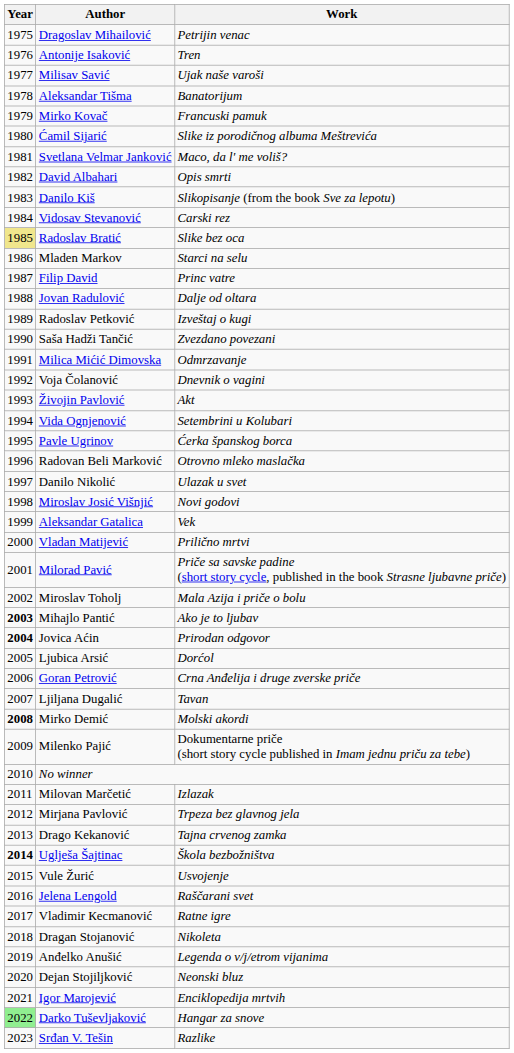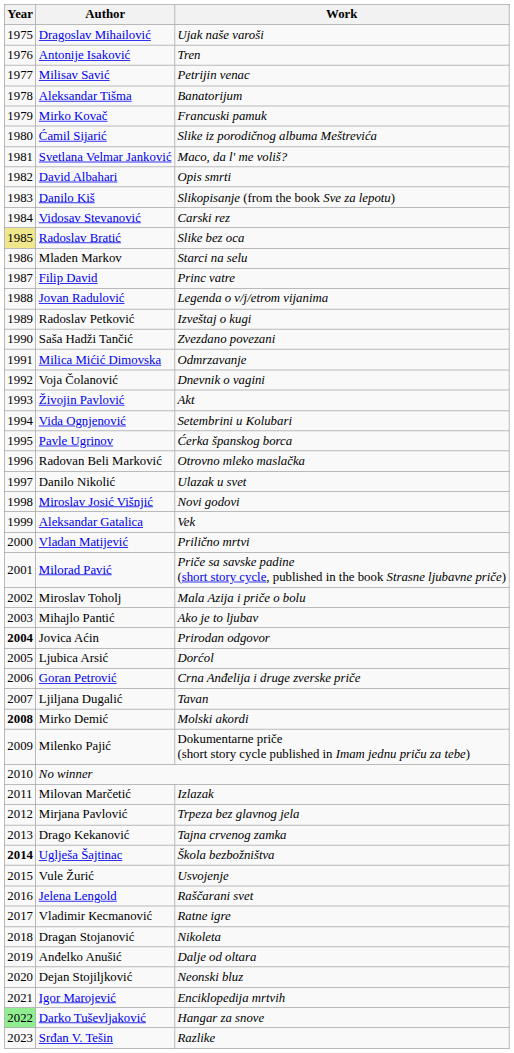 <table class="wikitable sortable">
 <tr>
 <th>Year</th>
 <th>Author</th>
 <th>Work</th>
 </tr>
 <tr>
 <td>1975</td>
 <td><a href='#'>Dragoslav Mihailović</a></td>
-<td><em>Petrijin venac</em></td>
+<td><em>Ujak naše varoši</em></td>
 </tr>
 <tr>
 <td>1976</td>
 <td><a href='#'>Antonije Isaković</a></td>
 <td><em>Tren</em></td>
 </tr>
 <tr>
 <td>1977</td>
 <td><a href='#'>Milisav Savić</a></td>
-<td><em>Ujak naše varoši</em></td>
+<td><em>Petrijin venac</em></td>
 </tr>
 <tr>
 <td>1978</td>
 <td><a href='#'>Aleksandar Tišma</a></td>
 <td><em>Banatorijum</em></td>
 </tr>
 <tr>
 <td>1979</td>
 <td><a href='#'>Mirko Kovač</a></td>
 <td><em>Francuski pamuk</em></td>
 </tr>
 <tr>
 <td>1980</td>
 <td><a href='#'>Ćamil Sijarić</a></td>
 <td><em>Slike iz porodičnog albuma Meštrevića</em></td>
 </tr>
 <tr>
 <td>1981</td>
 <td><a href='#'>Svetlana Velmar Janković</a></td>
 <td><em>Maco, da l' me voliš?</em></td>
 </tr>
 <tr>
 <td>1982</td>
 <td><a href='#'>David Albahari</a></td>
 <td><em>Opis smrti</em></td>
 </tr>
 <tr>
 <td>1983</td>
 <td><a href='#'>Danilo Kiš</a></td>
 <td><em>Slikopisanje</em> (from the book <em>Sve za lepotu</em>)</td>
 </tr>
 <tr>
 <td>1984</td>
 <td><a href='#'>Vidosav Stevanović</a></td>
 <td><em>Carski rez</em></td>
 </tr>
 <tr>
 <td style="background: khaki;">1985</td>
 <td><a href='#'>Radoslav Bratić</a></td>
 <td><em>Slike bez oca</em></td>
 </tr>
 <tr>
 <td>1986</td>
 <td>Mladen Markov</td>
 <td><em>Starci na selu</em></td>
 </tr>
 <tr>
 <td>1987</td>
 <td><a href='#'>Filip David</a></td>
 <td><em>Princ vatre</em></td>
 </tr>
 <tr>
 <td>1988</td>
 <td><a href='#'>Jovan Radulović</a></td>
-<td><em>Dalje od oltara</em></td>
+<td><em>Legenda o v/j/etrom vijanima</em></td>
 </tr>
 <tr>
 <td>1989</td>
 <td>Radoslav Petković</td>
 <td><em>Izveštaj o kugi</em></td>
 </tr>
 <tr>
 <td>1990</td>
 <td>Saša Hadži Tančić</td>
 <td><em>Zvezdano povezani</em></td>
 </tr>
 <tr>
 <td>1991</td>
 <td><a href='#'>Milica Mićić Dimovska</a></td>
 <td><em>Odmrzavanje</em></td>
 </tr>
 <tr>
 <td>1992</td>
 <td>Voja Čolanović</td>
 <td><em>Dnevnik o vagini</em></td>
 </tr>
 <tr>
 <td>1993</td>
 <td><a href='#'>Živojin Pavlović</a></td>
 <td><em>Akt</em></td>
 </tr>
 <tr>
 <td>1994</td>
 <td><a href='#'>Vida Ognjenović</a></td>
 <td><em>Setembrini u Kolubari</em></td>
 </tr>
 <tr>
 <td>1995</td>
 <td><a href='#'>Pavle Ugrinov</a></td>
 <td><em>Ćerka španskog borca</em></td>
 </tr>
 <tr>
 <td>1996</td>
 <td>Radovan Beli Marković</td>
 <td><em>Otrovno mleko maslačka</em></td>
 </tr>
 <tr>
 <td>1997</td>
 <td>Danilo Nikolić</td>
 <td><em>Ulazak u svet</em></td>
 </tr>
 <tr>
 <td>1998</td>
 <td><a href='#'>Miroslav Josić Višnjić</a></td>
 <td><em>Novi godovi</em></td>
 </tr>
 <tr>
 <td>1999</td>
 <td><a href='#'>Aleksandar Gatalica</a></td>
 <td><em>Vek</em></td>
 </tr>
 <tr>
 <td>2000</td>
 <td><a href='#'>Vladan Matijević</a></td>
 <td><em>Prilično mrtvi</em></td>
 </tr>
 <tr>
 <td>2001</td>
 <td><a href='#'>Milorad Pavić</a></td>
 <td><em>Priče sa savske padine</em><br>(<a href='#'>short story cycle</a>, published in the book <em>Strasne ljubavne priče</em>)</td>
 </tr>
 <tr>
 <td>2002</td>
 <td>Miroslav Toholj</td>
 <td><em>Mala Azija i priče o bolu</em></td>
 </tr>
 <tr>
-<td><strong>2003</strong></td>
+<td>2003</td>
 <td>Mihajlo Pantić</td>
 <td><em>Ako je to ljubav</em></td>
 </tr>
 <tr>
 <td><strong>2004</strong></td>
 <td>Jovica Aćin</td>
 <td><em>Prirodan odgovor</em></td>
 </tr>
 <tr>
 <td>2005</td>
 <td>Ljubica Arsić</td>
 <td><em>Dorćol</em></td>
 </tr>
 <tr>
 <td>2006</td>
 <td><a href='#'>Goran Petrović</a></td>
 <td><em>Crna Anđelija i druge zverske priče</em></td>
 </tr>
 <tr>
 <td>2007</td>
 <td>Ljiljana Dugalić</td>
 <td><em>Tavan</em></td>
 </tr>
 <tr>
 <td><strong>2008</strong></td>
 <td>Mirko Demić</td>
 <td><em>Molski akordi</em></td>
 </tr>
 <tr>
 <td>2009</td>
 <td>Milenko Pajić</td>
 <td>Dokumentarne priče<br>(short story cycle published in <em>Imam jednu priču za tebe</em>)</td>
 </tr>
 <tr>
 <td>2010</td>
 <td colspan="2"><em>No winner</em></td>
 </tr>
 <tr>
 <td>2011</td>
 <td>Milovan Marčetić</td>
 <td><em>Izlazak</em></td>
 </tr>
 <tr>
 <td>2012</td>
 <td>Mirjana Pavlović</td>
 <td><em>Trpeza bez glavnog jela</em></td>
 </tr>
 <tr>
 <td>2013</td>
 <td>Drago Kekanović</td>
 <td><em>Tajna crvenog zamka</em></td>
 </tr>
 <tr>
 <td><strong>2014</strong></td>
 <td><a href='#'>Uglješa Šajtinac</a></td>
 <td><em>Škola bezbožništva</em></td>
 </tr>
 <tr>
 <td>2015</td>
 <td>Vule Žurić</td>
 <td><em>Usvojenje</em></td>
 </tr>
 <tr>
 <td>2016</td>
 <td><a href='#'>Jelena Lengold</a></td>
 <td><em>Raščarani svet</em></td>
 </tr>
 <tr>
 <td>2017</td>
 <td>Vladimir Кecmanović</td>
 <td><em>Ratne igre</em></td>
 </tr>
 <tr>
 <td>2018</td>
 <td>Dragan Stojanović</td>
 <td><em>Nikoleta</em></td>
 </tr>
 <tr>
 <td>2019</td>
 <td>Anđelko Anušić</td>
-<td><em>Legenda o v/j/etrom vijanima</em></td>
+<td><em>Dalje od oltara</em></td>
 </tr>
 <tr>
 <td>2020</td>
 <td>Dejan Stojiljković</td>
 <td><em>Neonski bluz</em></td>
 </tr>
 <tr>
 <td>2021</td>
 <td><a href='#'>Igor Marojević</a></td>
 <td><em>Enciklopedija mrtvih</em></td>
 </tr>
 <tr>
 <td style="background: lightgreen;">2022</td>
 <td><a href='#'>Darko Tuševljaković</a></td>
 <td><em>Hangar za snove</em></td>
 </tr>
 <tr>
 <td>2023</td>
 <td><a href='#'>Srđan V. Tešin</a></td>
 <td><em>Razlike</em></td>
 </tr>
 </table>
